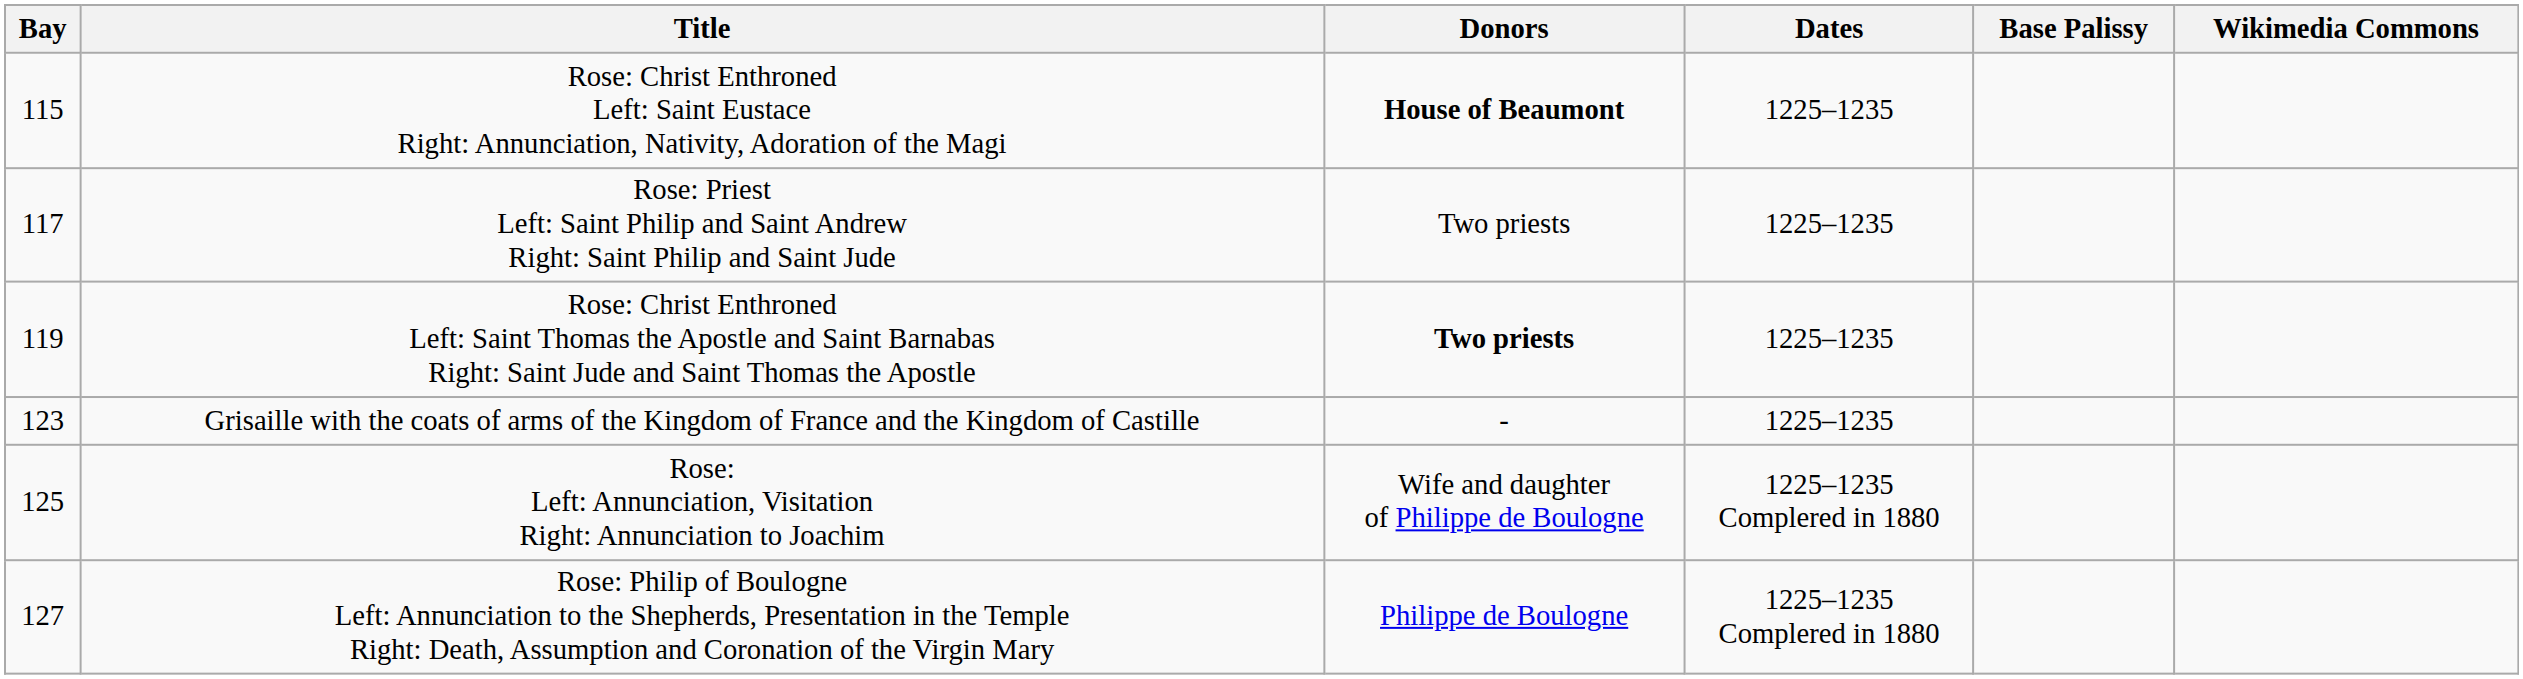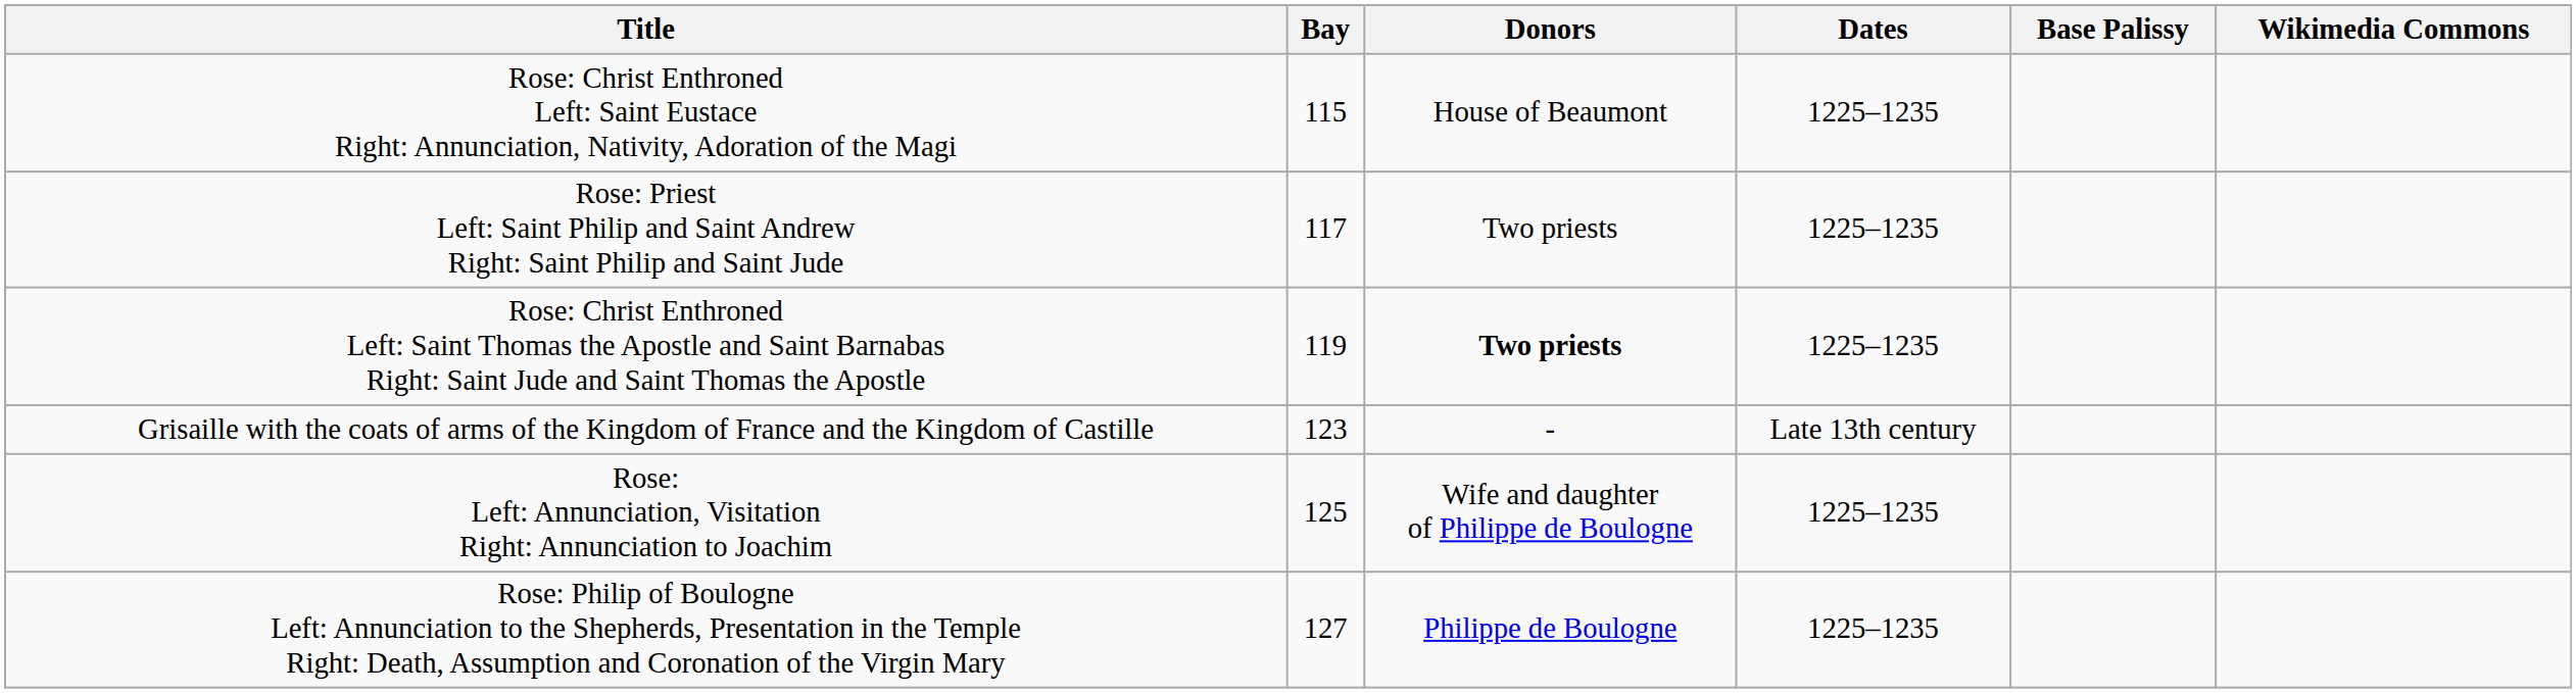 <table class="wikitable" style="width:100%;text-align:center;font-size:90%;">
 <tr>
+<th>Title</th>
 <th>Bay</th>
-<th>Title</th>
 <th>Donors</th>
 <th>Dates</th>
 <th>Base Palissy</th>
 <th>Wikimedia Commons</th>
 </tr>
 <tr>
+<td>Rose: Christ Enthroned<br>Left: Saint Eustace<br>Right: Annunciation, Nativity, Adoration of the Magi</td>
 <td>115</td>
-<td>Rose: Christ Enthroned<br>Left: Saint Eustace<br>Right: Annunciation, Nativity, Adoration of the Magi</td>
-<td><strong>House of Beaumont</strong></td>
+<td>House of Beaumont</td>
 <td>1225–1235</td>
 <td></td>
 <td></td>
 </tr>
 <tr>
+<td>Rose: Priest<br>Left: Saint Philip and Saint Andrew<br>Right: Saint Philip and Saint Jude</td>
 <td>117</td>
-<td>Rose: Priest<br>Left: Saint Philip and Saint Andrew<br>Right: Saint Philip and Saint Jude</td>
 <td>Two priests</td>
 <td>1225–1235</td>
 <td></td>
 <td></td>
 </tr>
 <tr>
+<td>Rose: Christ Enthroned<br>Left: Saint Thomas the Apostle and Saint Barnabas<br>Right: Saint Jude and Saint Thomas the Apostle</td>
 <td>119</td>
-<td>Rose: Christ Enthroned<br>Left: Saint Thomas the Apostle and Saint Barnabas<br>Right: Saint Jude and Saint Thomas the Apostle</td>
 <td><strong>Two priests</strong></td>
 <td>1225–1235</td>
 <td></td>
 <td></td>
 </tr>
 <tr>
+<td>Grisaille with the coats of arms of the Kingdom of France and the Kingdom of Castille</td>
 <td>123</td>
-<td>Grisaille with the coats of arms of the Kingdom of France and the Kingdom of Castille</td>
 <td>-</td>
+<td>Late 13th century</td>
+<td></td>
+<td></td>
+</tr>
+<tr>
+<td>Rose: <br>Left: Annunciation, Visitation<br>Right: Annunciation to Joachim</td>
+<td>125</td>
+<td>Wife and daughter<br>of <a href='#'>Philippe de Boulogne</a></td>
 <td>1225–1235</td>
 <td></td>
 <td></td>
 </tr>
 <tr>
-<td>125</td>
-<td>Rose: <br>Left: Annunciation, Visitation<br>Right: Annunciation to Joachim</td>
-<td>Wife and daughter<br>of <a href='#'>Philippe de Boulogne</a></td>
-<td>1225–1235<br>Complered in 1880</td>
-<td></td>
-<td></td>
-</tr>
-<tr>
+<td>Rose: Philip of Boulogne<br>Left: Annunciation to the Shepherds, Presentation in the Temple<br>Right: Death, Assumption and Coronation of the Virgin Mary</td>
 <td>127</td>
-<td>Rose: Philip of Boulogne<br>Left: Annunciation to the Shepherds, Presentation in the Temple<br>Right: Death, Assumption and Coronation of the Virgin Mary</td>
 <td><a href='#'>Philippe de Boulogne</a></td>
-<td>1225–1235<br>Complered in 1880</td>
+<td>1225–1235</td>
 <td></td>
 <td></td>
 </tr>
 </table>
